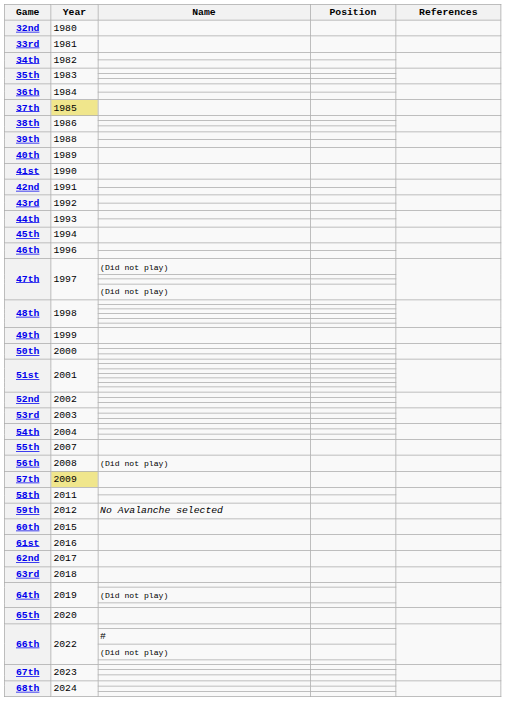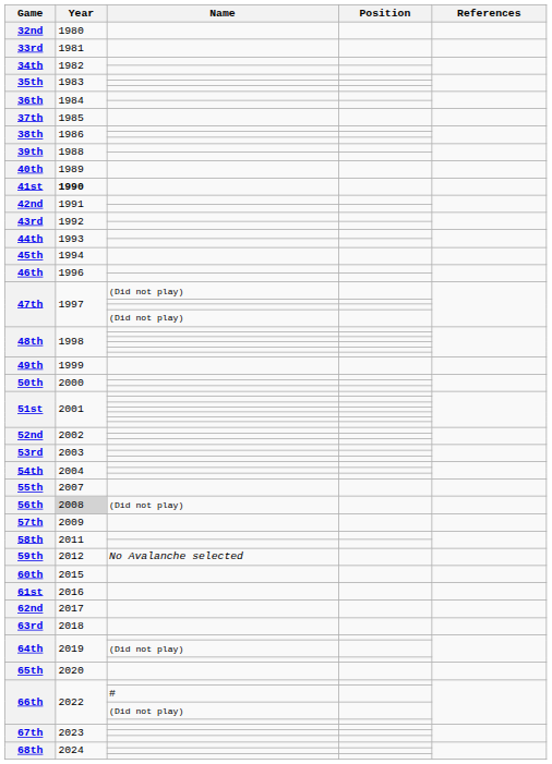 <table class="wikitable sortable" width="75%">
 <tr>
 <th scope="col">Game</th>
 <th scope="col">Year</th>
 <th scope="col">Name</th>
 <th scope="col">Position</th>
 <th scope="col" class="unsortable">References</th>
 </tr>
 <tr>
 <th scope="row"><a href='#'>32nd</a></th>
 <td>1980</td>
 <td></td>
 <td></td>
 <td></td>
 </tr>
 <tr>
 <th scope="row"><a href='#'>33rd</a></th>
 <td>1981</td>
 <td></td>
 <td></td>
 <td></td>
 </tr>
 <tr>
 <th scope="row" rowspan="2"><a href='#'>34th</a></th>
 <td rowspan="2">1982</td>
 <td></td>
 <td></td>
 <td rowspan="2"></td>
 </tr>
 <tr>
 <td></td>
 <td></td>
 </tr>
 <tr>
 <th scope="row" rowspan="3"><a href='#'>35th</a></th>
 <td rowspan="3">1983</td>
 <td></td>
 <td></td>
 <td rowspan="3"></td>
 </tr>
 <tr>
 <td></td>
 <td></td>
 </tr>
 <tr>
 <td></td>
 <td></td>
 </tr>
 <tr>
 <th scope="row" rowspan="2"><a href='#'>36th</a></th>
 <td rowspan="2">1984</td>
 <td></td>
 <td></td>
 <td rowspan="2"></td>
 </tr>
 <tr>
 <td></td>
 <td></td>
 </tr>
 <tr>
 <th scope="row"><a href='#'>37th</a></th>
-<td style="background: khaki;">1985</td>
+<td>1985</td>
 <td></td>
 <td></td>
 <td></td>
 </tr>
 <tr>
 <th scope="row" rowspan="3"><a href='#'>38th</a></th>
 <td rowspan="3">1986</td>
 <td></td>
 <td></td>
 <td rowspan="3"></td>
 </tr>
 <tr>
 <td></td>
 <td></td>
 </tr>
 <tr>
 <td></td>
 <td></td>
 </tr>
 <tr>
 <th scope="row" rowspan="2"><a href='#'>39th</a></th>
 <td rowspan="2">1988</td>
 <td></td>
 <td></td>
 <td rowspan="2"></td>
 </tr>
 <tr>
 <td></td>
 <td></td>
 </tr>
 <tr>
 <th scope="row"><a href='#'>40th</a></th>
 <td>1989</td>
 <td></td>
 <td></td>
 <td></td>
 </tr>
 <tr>
 <th scope="row"><a href='#'>41st</a></th>
-<td>1990</td>
+<td><strong>1990</strong></td>
 <td></td>
 <td></td>
 <td></td>
 </tr>
 <tr>
 <th scope="row" rowspan="2"><a href='#'>42nd</a></th>
 <td rowspan="2">1991</td>
 <td></td>
 <td></td>
 <td rowspan="2"></td>
 </tr>
 <tr>
 <td></td>
 <td></td>
 </tr>
 <tr>
 <th scope="row" rowspan="2"><a href='#'>43rd</a></th>
 <td rowspan="2">1992</td>
 <td></td>
 <td></td>
 <td rowspan="2"></td>
 </tr>
 <tr>
 <td></td>
 <td></td>
 </tr>
 <tr>
 <th scope="row" rowspan="2"><a href='#'>44th</a></th>
 <td rowspan="2">1993</td>
 <td></td>
 <td></td>
 <td rowspan="2"></td>
 </tr>
 <tr>
 <td></td>
 <td></td>
 </tr>
 <tr>
 <th scope="row"><a href='#'>45th</a></th>
 <td>1994</td>
 <td></td>
 <td></td>
 <td></td>
 </tr>
 <tr>
 <th scope="row" rowspan="2"><a href='#'>46th</a></th>
 <td rowspan="2">1996</td>
 <td></td>
 <td></td>
 <td rowspan="2"></td>
 </tr>
 <tr>
 <td></td>
 <td></td>
 </tr>
 <tr>
 <th scope="row" rowspan="4"><a href='#'>47th</a></th>
 <td rowspan="4">1997</td>
 <td> <small>(Did not play)</small></td>
 <td></td>
 <td rowspan="4"></td>
 </tr>
 <tr>
 <td></td>
 <td></td>
 </tr>
 <tr>
 <td></td>
 <td></td>
 </tr>
 <tr>
 <td> <small>(Did not play)</small></td>
 <td></td>
 </tr>
 <tr>
 <th scope="row" rowspan="6"><a href='#'>48th</a></th>
 <td rowspan="6">1998</td>
 <td></td>
 <td></td>
 <td rowspan="6"></td>
 </tr>
 <tr>
 <td></td>
 <td></td>
 </tr>
 <tr>
 <td></td>
 <td></td>
 </tr>
 <tr>
 <td></td>
 <td></td>
 </tr>
 <tr>
 <td></td>
 <td></td>
 </tr>
 <tr>
 <td></td>
 <td></td>
 </tr>
 <tr>
 <th scope="row"><a href='#'>49th</a></th>
 <td>1999</td>
 <td></td>
 <td></td>
 <td></td>
 </tr>
 <tr>
 <th scope="row" rowspan="3"><a href='#'>50th</a></th>
 <td rowspan="3">2000</td>
 <td></td>
 <td></td>
 <td rowspan="3"></td>
 </tr>
 <tr>
 <td></td>
 <td></td>
 </tr>
 <tr>
 <td></td>
 <td></td>
 </tr>
 <tr>
 <th scope="row" rowspan="7"><a href='#'>51st</a></th>
 <td rowspan="7">2001</td>
 <td></td>
 <td></td>
 <td rowspan="7"></td>
 </tr>
 <tr>
 <td></td>
 <td></td>
 </tr>
 <tr>
 <td></td>
 <td></td>
 </tr>
 <tr>
 <td></td>
 <td></td>
 </tr>
 <tr>
 <td></td>
 <td></td>
 </tr>
 <tr>
 <td></td>
 <td></td>
 </tr>
 <tr>
 <td></td>
 <td></td>
 </tr>
 <tr>
 <th scope="row" rowspan="3"><a href='#'>52nd</a></th>
 <td rowspan="3">2002</td>
 <td></td>
 <td></td>
 <td rowspan="3"></td>
 </tr>
 <tr>
 <td></td>
 <td></td>
 </tr>
 <tr>
 <td></td>
 <td></td>
 </tr>
 <tr>
 <th scope="row" rowspan="3"><a href='#'>53rd</a></th>
 <td rowspan="3">2003</td>
 <td></td>
 <td></td>
 <td rowspan="3"></td>
 </tr>
 <tr>
 <td></td>
 <td></td>
 </tr>
 <tr>
 <td></td>
 <td></td>
 </tr>
 <tr>
 <th scope="row" rowspan="3"><a href='#'>54th</a></th>
 <td rowspan="3">2004</td>
 <td></td>
 <td></td>
 <td rowspan="3"></td>
 </tr>
 <tr>
 <td></td>
 <td></td>
 </tr>
 <tr>
 <td></td>
 <td></td>
 </tr>
 <tr>
 <th scope="row"><a href='#'>55th</a></th>
 <td>2007</td>
 <td></td>
 <td></td>
 <td></td>
 </tr>
 <tr>
 <th scope="row"><a href='#'>56th</a></th>
-<td>2008</td>
+<td style="background: lightgrey;">2008</td>
 <td> <small>(Did not play)</small></td>
 <td></td>
 <td></td>
 </tr>
 <tr>
 <th scope="row"><a href='#'>57th</a></th>
-<td style="background: khaki;">2009</td>
+<td>2009</td>
 <td></td>
 <td></td>
 <td></td>
 </tr>
 <tr>
 <th scope="row" rowspan="2"><a href='#'>58th</a></th>
 <td rowspan="2">2011</td>
 <td></td>
 <td></td>
 <td rowspan="2"></td>
 </tr>
 <tr>
 <td></td>
 <td></td>
 </tr>
 <tr>
 <th scope="row"><a href='#'>59th</a></th>
 <td>2012</td>
 <td><em>No Avalanche selected</em></td>
 <td></td>
 <td></td>
 </tr>
 <tr>
 <th scope="row"><a href='#'>60th</a></th>
 <td>2015</td>
 <td></td>
 <td></td>
 <td></td>
 </tr>
 <tr>
 <th scope="row"><a href='#'>61st</a></th>
 <td>2016</td>
 <td></td>
 <td></td>
 <td></td>
 </tr>
 <tr>
 <th scope="row"><a href='#'>62nd</a></th>
 <td>2017</td>
 <td></td>
 <td></td>
 <td></td>
 </tr>
 <tr>
 <th scope="row"><a href='#'>63rd</a></th>
 <td>2018</td>
 <td></td>
 <td></td>
 <td></td>
 </tr>
 <tr>
 <th scope="row" rowspan="3"><a href='#'>64th</a></th>
 <td rowspan="3">2019</td>
 <td></td>
 <td></td>
 <td rowspan="3"></td>
 </tr>
 <tr>
 <td> <small>(Did not play)</small></td>
 <td></td>
 </tr>
 <tr>
 <td></td>
 <td></td>
 </tr>
 <tr>
 <th scope="row"><a href='#'>65th</a></th>
 <td>2020</td>
 <td></td>
 <td></td>
 <td></td>
 </tr>
 <tr>
 <th scope="row" rowspan="4"><a href='#'>66th</a></th>
 <td rowspan="4">2022</td>
 <td></td>
 <td></td>
 <td rowspan="4"></td>
 </tr>
 <tr>
 <td>#</td>
 <td></td>
 </tr>
 <tr>
 <td> <small>(Did not play)</small></td>
 <td></td>
 </tr>
 <tr>
 <td></td>
 <td></td>
 </tr>
 <tr>
 <th scope="row" rowspan="3"><a href='#'>67th</a></th>
 <td rowspan="3">2023</td>
 <td></td>
 <td></td>
 <td rowspan="3"></td>
 </tr>
 <tr>
 <td></td>
 <td></td>
 </tr>
 <tr>
 <td></td>
 <td></td>
 </tr>
 <tr>
 <th scope="row" rowspan="3"><a href='#'>68th</a></th>
 <td rowspan="3">2024</td>
 <td></td>
 <td></td>
 <td rowspan="3"></td>
 </tr>
 <tr>
 <td></td>
 <td></td>
 </tr>
 <tr>
 <td></td>
 <td></td>
 </tr>
 </table>
